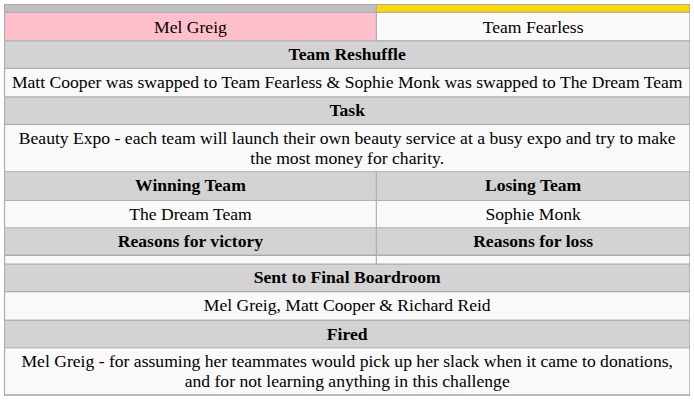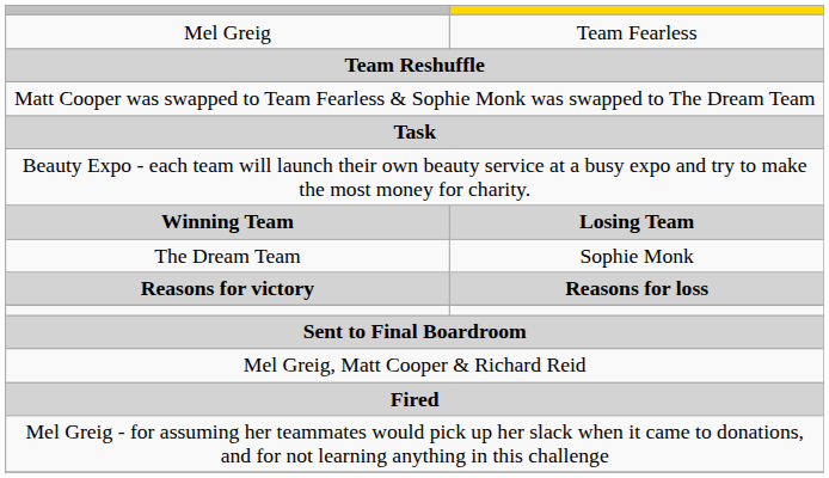 <table class="wikitable" style="text-align: center; width:100%">
 <tr>
 <th style="text-align:center; background:silver;"></th>
 <th style="text-align:center; background:gold;"></th>
 </tr>
 <tr>
-<td style="background: pink;">Mel Greig</td>
+<td>Mel Greig</td>
 <td>Team Fearless</td>
 </tr>
 <tr>
 <th colspan="2" style="text-align:center; background:lightgrey;">Team Reshuffle</th>
 </tr>
 <tr>
 <td colspan="2">Matt Cooper was swapped to Team Fearless & Sophie Monk was swapped to The Dream Team</td>
 </tr>
 <tr>
 <th colspan="2" style="text-align:center; background:lightgrey;">Task</th>
 </tr>
 <tr>
 <td colspan="2">Beauty Expo - each team will launch their own beauty service at a busy expo and try to make the most money for charity.</td>
 </tr>
 <tr>
 <th style="text-align:center; background:lightgrey;">Winning Team</th>
 <th style="text-align:center; background:lightgrey;">Losing Team</th>
 </tr>
 <tr>
 <td>The Dream Team</td>
 <td>Sophie Monk</td>
 </tr>
 <tr>
 <th style="text-align:center; background:lightgrey;">Reasons for victory</th>
 <th style="text-align:center; background:lightgrey;">Reasons for loss</th>
 </tr>
 <tr style="text-align: left; ">
 </tr>
 <tr>
 <td style="text-align:left; background:;"></td>
 <td style="text-align:left; background:;"></td>
 </tr>
 <tr>
 <th colspan="2" style="text-align:center; background:lightgrey;">Sent to Final Boardroom</th>
 </tr>
 <tr>
 <td colspan="2">Mel Greig, Matt Cooper & Richard Reid</td>
 </tr>
 <tr>
 <th colspan="2" style="text-align:center; background:lightgrey;">Fired</th>
 </tr>
 <tr>
 <td colspan="2">Mel Greig - for assuming her teammates would pick up her slack when it came to donations, and for not learning anything in this challenge</td>
 </tr>
 <tr>
 </tr>
 </table>
